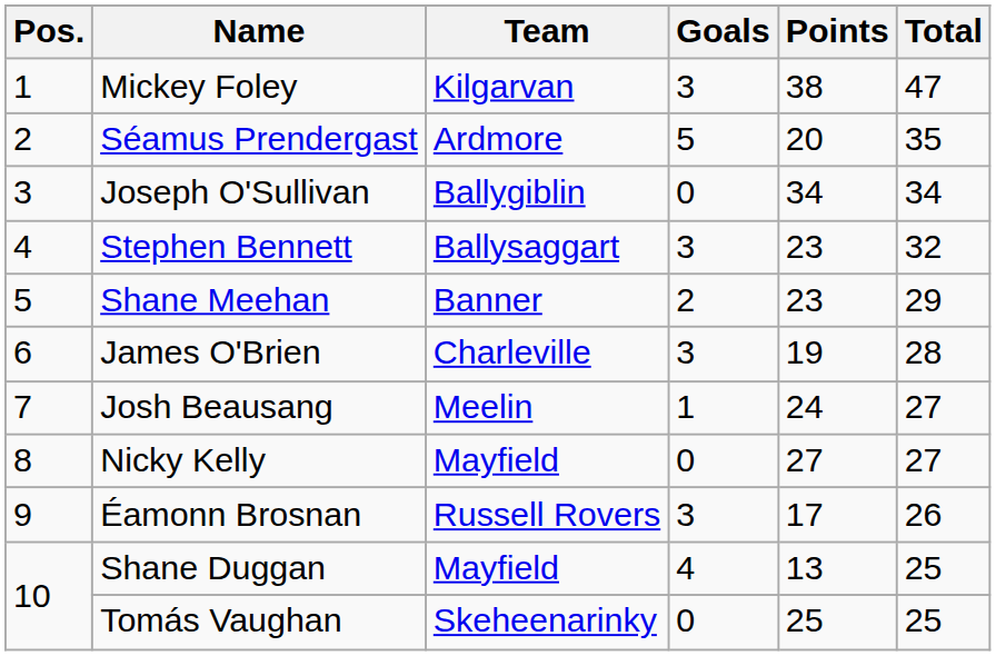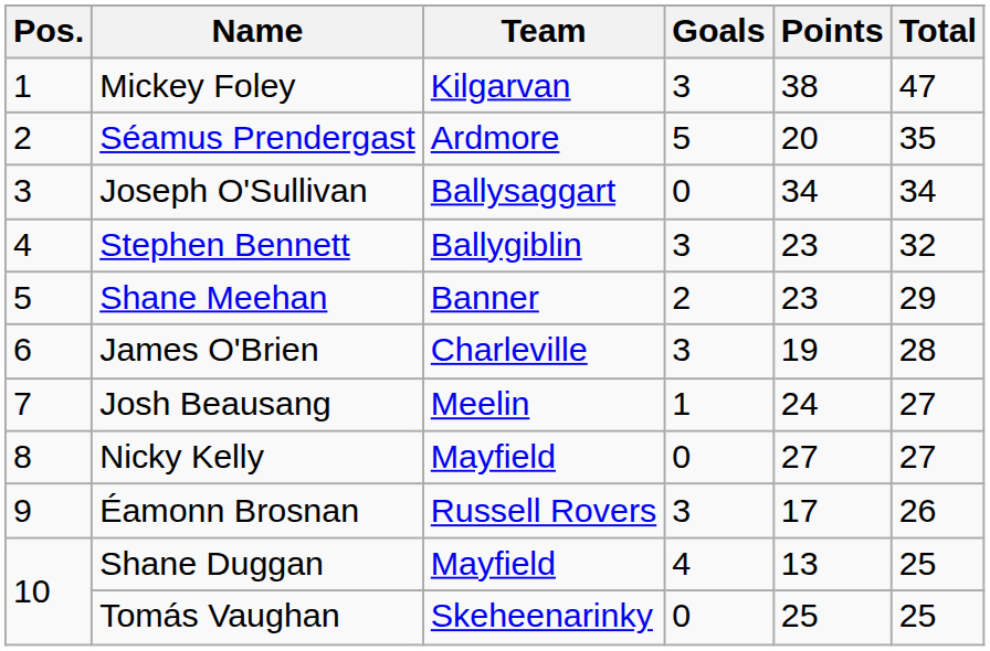 <table class="wikitable sortable">
 <tr>
 </tr>
 <tr>
 <th>Pos.</th>
 <th>Name</th>
 <th>Team</th>
 <th>Goals</th>
 <th>Points</th>
 <th>Total</th>
 </tr>
 <tr>
 <td>1</td>
 <td>Mickey Foley</td>
 <td><a href='#'>Kilgarvan</a></td>
 <td>3</td>
 <td>38</td>
 <td>47</td>
 </tr>
 <tr>
 <td>2</td>
 <td><a href='#'>Séamus Prendergast</a></td>
 <td><a href='#'>Ardmore</a></td>
 <td>5</td>
 <td>20</td>
 <td>35</td>
 </tr>
 <tr>
 <td>3</td>
 <td>Joseph O'Sullivan</td>
-<td><a href='#'>Ballygiblin</a></td>
+<td><a href='#'>Ballysaggart</a></td>
 <td>0</td>
 <td>34</td>
 <td>34</td>
 </tr>
 <tr>
 <td>4</td>
 <td><a href='#'>Stephen Bennett</a></td>
-<td><a href='#'>Ballysaggart</a></td>
+<td><a href='#'>Ballygiblin</a></td>
 <td>3</td>
 <td>23</td>
 <td>32</td>
 </tr>
 <tr>
 <td>5</td>
 <td><a href='#'>Shane Meehan</a></td>
 <td><a href='#'>Banner</a></td>
 <td>2</td>
 <td>23</td>
 <td>29</td>
 </tr>
 <tr>
 <td>6</td>
 <td>James O'Brien</td>
 <td><a href='#'>Charleville</a></td>
 <td>3</td>
 <td>19</td>
 <td>28</td>
 </tr>
 <tr>
 <td>7</td>
 <td>Josh Beausang</td>
 <td><a href='#'>Meelin</a></td>
 <td>1</td>
 <td>24</td>
 <td>27</td>
 </tr>
 <tr>
 <td>8</td>
 <td>Nicky Kelly</td>
 <td><a href='#'>Mayfield</a></td>
 <td>0</td>
 <td>27</td>
 <td>27</td>
 </tr>
 <tr>
 <td>9</td>
 <td>Éamonn Brosnan</td>
 <td><a href='#'>Russell Rovers</a></td>
 <td>3</td>
 <td>17</td>
 <td>26</td>
 </tr>
 <tr>
 <td rowspan=2>10</td>
 <td>Shane Duggan</td>
 <td><a href='#'>Mayfield</a></td>
 <td>4</td>
 <td>13</td>
 <td>25</td>
 </tr>
 <tr>
 <td>Tomás Vaughan</td>
 <td><a href='#'>Skeheenarinky</a></td>
 <td>0</td>
 <td>25</td>
 <td>25</td>
 </tr>
 </table>
